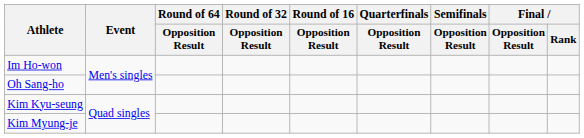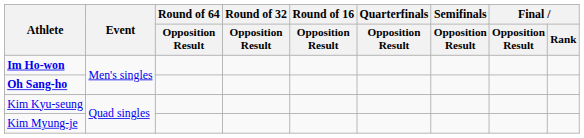 <table class="wikitable" style="font-size:90%;">
 <tr>
 <th rowspan=2>Athlete</th>
 <th rowspan=2>Event</th>
 <th>Round of 64</th>
 <th>Round of 32</th>
 <th>Round of 16</th>
 <th>Quarterfinals</th>
 <th>Semifinals</th>
 <th colspan=2>Final / </th>
 </tr>
 <tr style="font-size:95%">
 <th>Opposition<br>Result</th>
 <th>Opposition<br>Result</th>
 <th>Opposition<br>Result</th>
 <th>Opposition<br>Result</th>
 <th>Opposition<br>Result</th>
 <th>Opposition<br>Result</th>
 <th>Rank</th>
 </tr>
 <tr align=center>
-<td align=left><a href='#'>Im Ho-won</a></td>
+<td align=left><strong><a href='#'>Im Ho-won</a></strong></td>
 <td rowspan=2 align=left><a href='#'>Men's singles</a></td>
 <td></td>
 <td></td>
 <td></td>
 <td></td>
 <td></td>
 <td></td>
 <td></td>
 </tr>
 <tr align=center>
-<td align=left><a href='#'>Oh Sang-ho</a></td>
+<td align=left><strong><a href='#'>Oh Sang-ho</a></strong></td>
 <td></td>
 <td></td>
 <td></td>
 <td></td>
 <td></td>
 <td></td>
 <td></td>
 </tr>
 <tr align=center>
 <td align=left><a href='#'>Kim Kyu-seung</a></td>
 <td rowspan=2 align=left><a href='#'>Quad singles</a></td>
 <td></td>
 <td></td>
 <td></td>
 <td></td>
 <td></td>
 <td></td>
 </tr>
 <tr align=center>
 <td align=left><a href='#'>Kim Myung-je</a></td>
 <td></td>
 <td></td>
 <td></td>
 <td></td>
 <td></td>
 <td></td>
 <td></td>
 </tr>
 </table>
